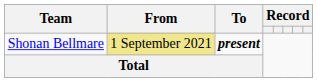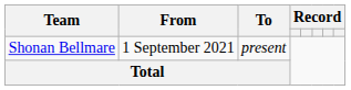 <table class=wikitable style="text-align:center">
 <tr>
 <th rowspan=2>Team</th>
 <th rowspan=2>From</th>
 <th rowspan=2>To</th>
 <th colspan=5>Record</th>
 </tr>
 <tr>
 <th></th>
 <th></th>
 <th></th>
 <th></th>
 <th></th>
 </tr>
 <tr>
 <td align=left><a href='#'>Shonan Bellmare</a></td>
-<td align=left style="background: khaki;">1 September 2021</td>
-<td align=left><strong><em>present</em><br></strong></td>
+<td align=left>1 September 2021</td>
+<td align=left><em>present</em><br></td>
 </tr>
 <tr>
 <th colspan=3>Total<br></th>
 </tr>
 </table>
